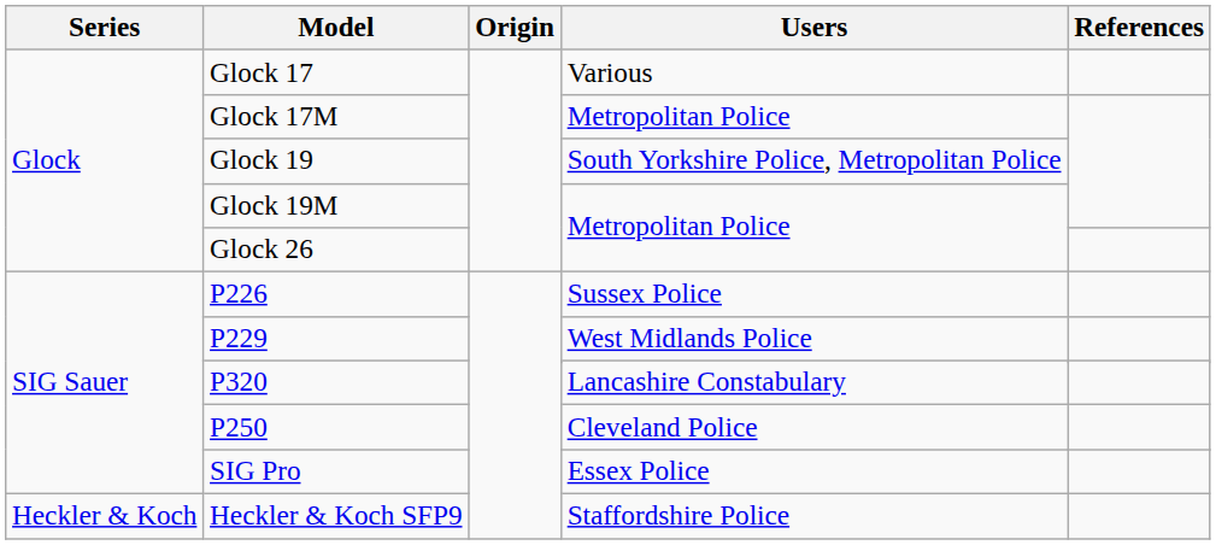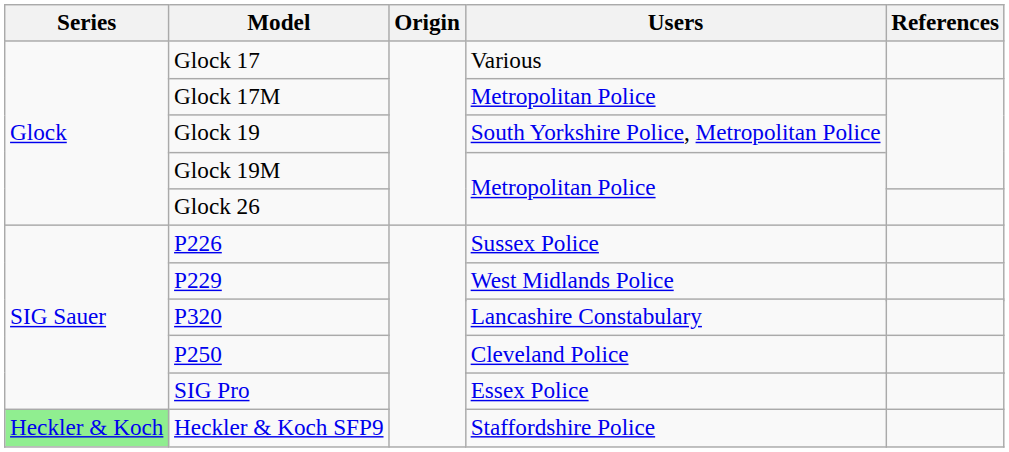 <table class="wikitable">
 <tr>
 <th>Series</th>
 <th>Model</th>
 <th>Origin</th>
 <th>Users</th>
 <th>References</th>
 </tr>
 <tr>
 <td rowspan="5"><a href='#'>Glock</a></td>
 <td>Glock 17</td>
 <td rowspan="5"></td>
 <td>Various</td>
 <td></td>
 </tr>
 <tr>
 <td>Glock 17M</td>
 <td><a href='#'>Metropolitan Police</a></td>
 <td rowspan="3"></td>
 </tr>
 <tr>
 <td>Glock 19</td>
 <td><a href='#'>South Yorkshire Police</a>, <a href='#'>Metropolitan Police</a></td>
 </tr>
 <tr>
 <td>Glock 19M</td>
 <td rowspan="2"><a href='#'>Metropolitan Police</a></td>
 </tr>
 <tr>
 <td>Glock 26</td>
 <td></td>
 </tr>
 <tr>
 <td rowspan="7"><a href='#'>SIG Sauer</a></td>
 <td><a href='#'>P226</a></td>
 <td rowspan="8"></td>
 <td><a href='#'>Sussex Police</a></td>
 <td></td>
 </tr>
 <tr>
 <td><a href='#'>P229</a></td>
 <td rowspan="2"><a href='#'>West Midlands Police</a></td>
 <td rowspan="2"></td>
 </tr>
 <tr>
 <td rowspan="2"><a href='#'>P320</a></td>
 </tr>
 <tr>
 <td><a href='#'>Lancashire Constabulary</a></td>
 <td></td>
 </tr>
 <tr>
 <td rowspan="2"><a href='#'>P250</a></td>
 <td><a href='#'>Cleveland Police</a></td>
 <td></td>
 </tr>
 <tr>
 <td rowspan="2"><a href='#'>Essex Police</a></td>
 <td rowspan="2"></td>
 </tr>
 <tr>
 <td><a href='#'>SIG Pro</a></td>
 </tr>
 <tr>
-<td><a href='#'>Heckler & Koch</a></td>
+<td style="background: lightgreen;"><a href='#'>Heckler & Koch</a></td>
 <td><a href='#'>Heckler & Koch SFP9</a></td>
 <td><a href='#'>Staffordshire Police</a></td>
 <td></td>
 </tr>
 </table>
